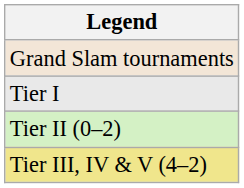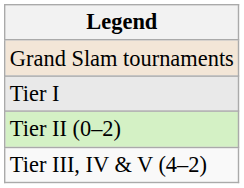 <table class="wikitable sortable mw-collapsible mw-collapsed">
 <tr>
 <th>Legend</th>
 </tr>
 <tr>
 <td style="background:#f3e6d7;">Grand Slam tournaments</td>
 </tr>
 <tr>
 <td style="background:#e9e9e9;">Tier I</td>
 </tr>
 <tr>
 <td style="background:#d4f1c5;">Tier II (0–2)</td>
 </tr>
 <tr>
-<td style="background: khaki;">Tier III, IV & V (4–2)</td>
+<td>Tier III, IV & V (4–2)</td>
 </tr>
 </table>
